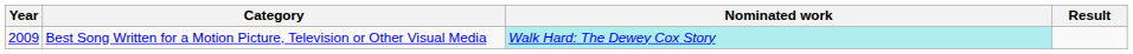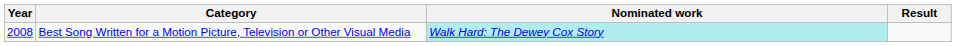 <table class="wikitable sortable">
 <tr>
 <th scope="col" style="width:1em;">Year</th>
 <th scope="col" style="width:33em;">Category</th>
 <th scope="col" style="width:39em;">Nominated work</th>
 <th scope="col" style="width:5em;">Result</th>
 </tr>
 <tr>
-<td><a href='#'>2009</a></td>
+<td><a href='#'>2008</a></td>
 <td><a href='#'>Best Song Written for a Motion Picture, Television or Other Visual Media</a></td>
 <td style="background: paleturquoise;"><em><a href='#'>Walk Hard: The Dewey Cox Story</a></em></td>
 <td></td>
 </tr>
 </table>
